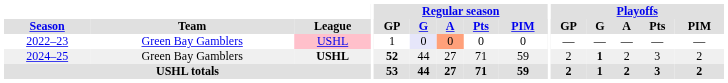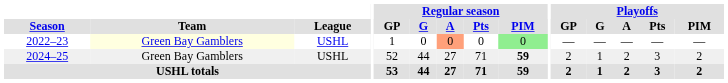 <table cellspacing="0" cellpadding="1" border="0" style="text-align:center; width:60em">
 <tr bgcolor="#e0e0e0">
 <th colspan="3" bgcolor="#ffffff"></th>
 <th rowspan="82" bgcolor="#ffffff"></th>
 <th colspan="5"><a href='#'>Regular season</a></th>
 <th rowspan="82" bgcolor="#ffffff"></th>
 <th colspan="5"><a href='#'>Playoffs</a></th>
 </tr>
 <tr bgcolor="#e0e0e0">
 <th><a href='#'>Season</a></th>
 <th>Team</th>
 <th>League</th>
 <th>GP</th>
 <th><a href='#'>G</a></th>
 <th><a href='#'>A</a></th>
 <th><a href='#'>Pts</a></th>
 <th><a href='#'>PIM</a></th>
 <th>GP</th>
 <th>G</th>
 <th>A</th>
 <th>Pts</th>
 <th>PIM</th>
 </tr>
 <tr>
 <td><a href='#'>2022–23</a></td>
-<td><a href='#'>Green Bay Gamblers</a></td>
-<td style="background: pink;"><a href='#'>USHL</a></td>
+<td style="background: lightyellow;"><a href='#'>Green Bay Gamblers</a></td>
+<td><a href='#'>USHL</a></td>
 <td>1</td>
-<td style="background: lavender;">0</td>
+<td>0</td>
 <td style="background: lightsalmon;">0</td>
 <td>0</td>
-<td>0</td>
+<td style="background: lightgreen;">0</td>
 <td>—</td>
 <td>—</td>
 <td>—</td>
 <td>—</td>
 <td>—</td>
 </tr>
 <tr bgcolor="#f0f0f0">
 <td><a href='#'>2024–25</a></td>
 <td>Green Bay Gamblers</td>
-<td><strong>USHL</strong></td>
-<td><strong>52</strong></td>
+<td>USHL</td>
+<td>52</td>
 <td>44</td>
 <td>27</td>
 <td>71</td>
-<td>59</td>
+<td><strong>59</strong></td>
 <td>2</td>
-<td><strong>1</strong></td>
+<td>1</td>
 <td>2</td>
 <td>3</td>
 <td>2</td>
 </tr>
 <tr bgcolor="#e0e0e0">
 <th colspan="3">USHL totals</th>
 <th>53</th>
 <th>44</th>
 <th>27</th>
 <th>71</th>
 <th>59</th>
 <th>2</th>
 <th>1</th>
 <th>2</th>
 <th>3</th>
 <th>2</th>
 </tr>
 </table>
